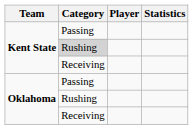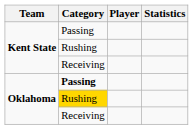 <table class="wikitable" style="float: right;">
 <tr>
 <th>Team</th>
 <th>Category</th>
 <th>Player</th>
 <th>Statistics</th>
 </tr>
 <tr>
 <td rowspan=3><strong>Kent State</strong></td>
 <td>Passing</td>
 <td></td>
 <td></td>
 </tr>
 <tr>
-<td style="background: lightgrey;">Rushing</td>
+<td>Rushing</td>
 <td></td>
 <td></td>
 </tr>
 <tr>
 <td>Receiving</td>
 <td></td>
 <td></td>
 </tr>
 <tr>
 <td rowspan=3><strong>Oklahoma</strong></td>
-<td>Passing</td>
+<td><strong>Passing</strong></td>
 <td></td>
 <td></td>
 </tr>
 <tr>
-<td>Rushing</td>
+<td style="background: gold;">Rushing</td>
 <td></td>
 <td></td>
 </tr>
 <tr>
 <td>Receiving</td>
 <td></td>
 <td></td>
 </tr>
 </table>
